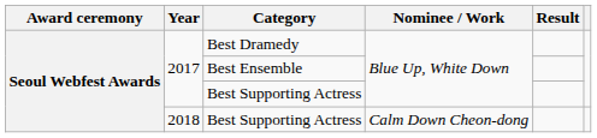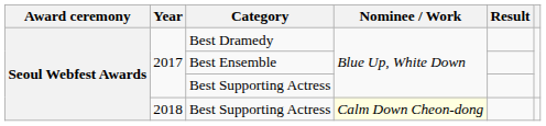 <table class="wikitable plainrowheaders sortable">
 <tr>
 <th scope="col">Award ceremony</th>
 <th scope="col">Year</th>
 <th scope="col">Category </th>
 <th scope="col">Nominee / Work</th>
 <th scope="col">Result</th>
 <th scope="col" class="unsortable"></th>
 </tr>
 <tr>
 <th scope="row" rowspan="4">Seoul Webfest Awards</th>
 <td rowspan="3" style="text-align:center">2017</td>
 <td>Best Dramedy</td>
 <td rowspan="3"><em>Blue Up, White Down</em></td>
 <td></td>
 <td rowspan="3" style="text-align:center"></td>
 </tr>
 <tr>
 <td>Best Ensemble</td>
 <td></td>
 </tr>
 <tr>
 <td>Best Supporting Actress</td>
 <td></td>
 </tr>
 <tr>
 <td style="text-align:center">2018</td>
 <td>Best Supporting Actress</td>
-<td><em>Calm Down Cheon-dong</em></td>
+<td style="background: lightyellow;"><em>Calm Down Cheon-dong</em></td>
 <td></td>
 <td style="text-align:center"></td>
 </tr>
 </table>
